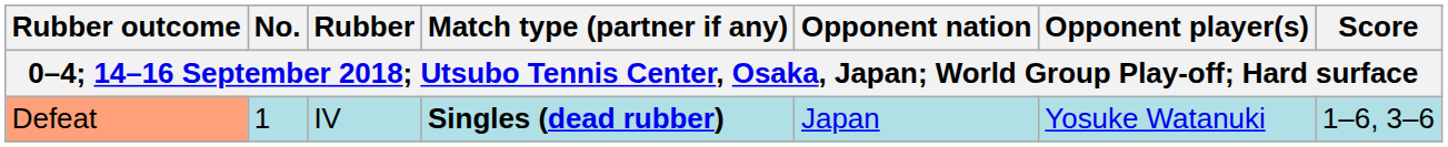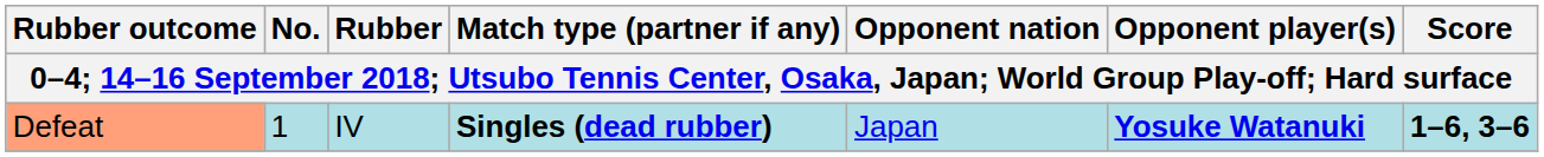 <table class=wikitable>
 <tr>
 <th>Rubber outcome</th>
 <th>No.</th>
 <th>Rubber</th>
 <th>Match type (partner if any)</th>
 <th>Opponent nation</th>
 <th>Opponent player(s)</th>
 <th>Score</th>
 </tr>
 <tr>
 <th colspan=7>0–4; <a href='#'>14–16 September 2018</a>; <a href='#'>Utsubo Tennis Center</a>, <a href='#'>Osaka</a>, Japan; World Group Play-off; Hard surface</th>
 </tr>
 <tr bgcolor=#B0E0E6>
 <td bgcolor=FFA07A>Defeat</td>
 <td>1</td>
 <td>IV</td>
 <td><strong>Singles (<a href='#'>dead rubber</a>)</strong></td>
 <td> <a href='#'>Japan</a></td>
-<td><a href='#'>Yosuke Watanuki</a></td>
-<td>1–6, 3–6</td>
+<td><strong><a href='#'>Yosuke Watanuki</a></strong></td>
+<td><strong>1–6, 3–6</strong></td>
 </tr>
 </table>
